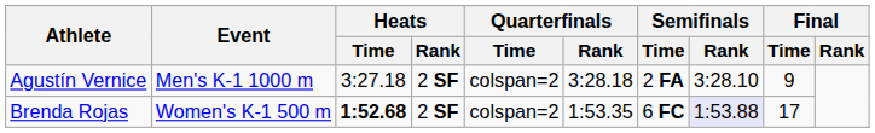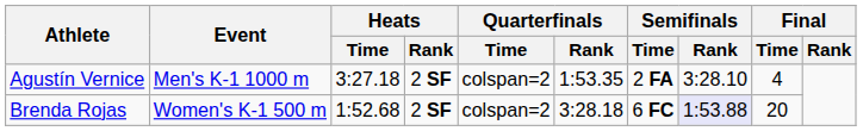 <table class=wikitable style="font-size:90%">
 <tr>
 <th rowspan="2">Athlete</th>
 <th rowspan="2">Event</th>
 <th colspan=2>Heats</th>
 <th colspan=2>Quarterfinals</th>
 <th colspan=2>Semifinals</th>
 <th colspan=2>Final</th>
 </tr>
 <tr style="font-size:95%">
 <th>Time</th>
 <th>Rank</th>
 <th>Time</th>
 <th>Rank</th>
 <th>Time</th>
 <th>Rank</th>
 <th>Time</th>
 <th>Rank</th>
 </tr>
 <tr align=center>
 <td align=left><a href='#'>Agustín Vernice</a></td>
 <td align=left><a href='#'>Men's K-1 1000 m</a></td>
 <td>3:27.18</td>
 <td>2 <strong>SF</strong></td>
 <td>colspan=2 </td>
-<td>3:28.18</td>
+<td>1:53.35</td>
 <td>2 <strong>FA</strong></td>
 <td>3:28.10</td>
-<td>9</td>
+<td>4</td>
 </tr>
 <tr align=center>
 <td align=left><a href='#'>Brenda Rojas</a></td>
 <td align=left><a href='#'>Women's K-1 500 m</a></td>
-<td><strong>1:52.68</strong></td>
+<td>1:52.68</td>
 <td>2 <strong>SF</strong></td>
 <td>colspan=2 </td>
-<td>1:53.35</td>
+<td>3:28.18</td>
 <td>6 <strong>FC</strong></td>
 <td style="background: lavender;">1:53.88</td>
-<td>17</td>
+<td>20</td>
 </tr>
 </table>
